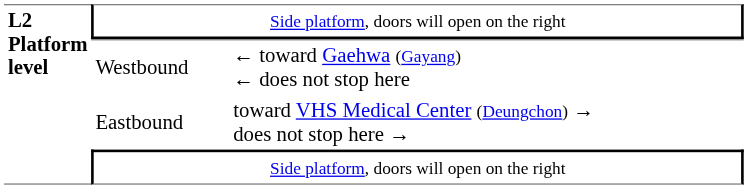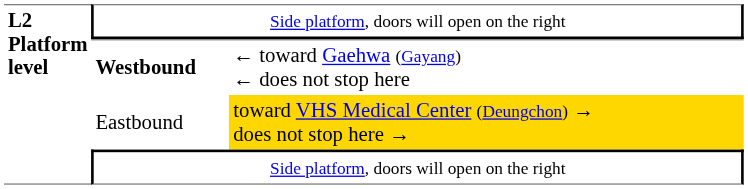 <table table border=0 cellspacing=0 cellpadding=3>
 <tr>
 <td style="border-top:solid 1px gray;border-bottom:solid 1px gray;" width=50 rowspan=10 valign=top><strong>L2<br>Platform level</strong></td>
 <td style="border-top:solid 1px gray;border-right:solid 2px black;border-left:solid 2px black;border-bottom:solid 2px black;text-align:center;" colspan=2><small><a href='#'>Side platform</a>, doors will open on the right </small></td>
 </tr>
 <tr>
-<td style="border-bottom:solid 0px gray;border-top:solid 1px gray;" width=100>Westbound</td>
+<td style="border-bottom:solid 0px gray;border-top:solid 1px gray;" width=100><strong>Westbound</strong></td>
 <td style="border-bottom:solid 0px gray;border-top:solid 1px gray;" width=390>←  toward <a href='#'>Gaehwa</a> <small>(<a href='#'>Gayang</a>)</small><br>← <span> does not stop here</span></td>
 </tr>
 <tr>
 <td>Eastbound</td>
-<td>  toward <a href='#'>VHS Medical Center</a> <small>(<a href='#'>Deungchon</a>)</small> →<br>  does not stop here →</td>
+<td style="background: gold;">  toward <a href='#'>VHS Medical Center</a> <small>(<a href='#'>Deungchon</a>)</small> →<br>  does not stop here →</td>
 </tr>
 <tr>
 <td style="border-top:solid 2px black;border-right:solid 2px black;border-left:solid 2px black;border-bottom:solid 1px gray;text-align:center;" colspan=2><small><a href='#'>Side platform</a>, doors will open on the right </small></td>
 </tr>
 </table>
